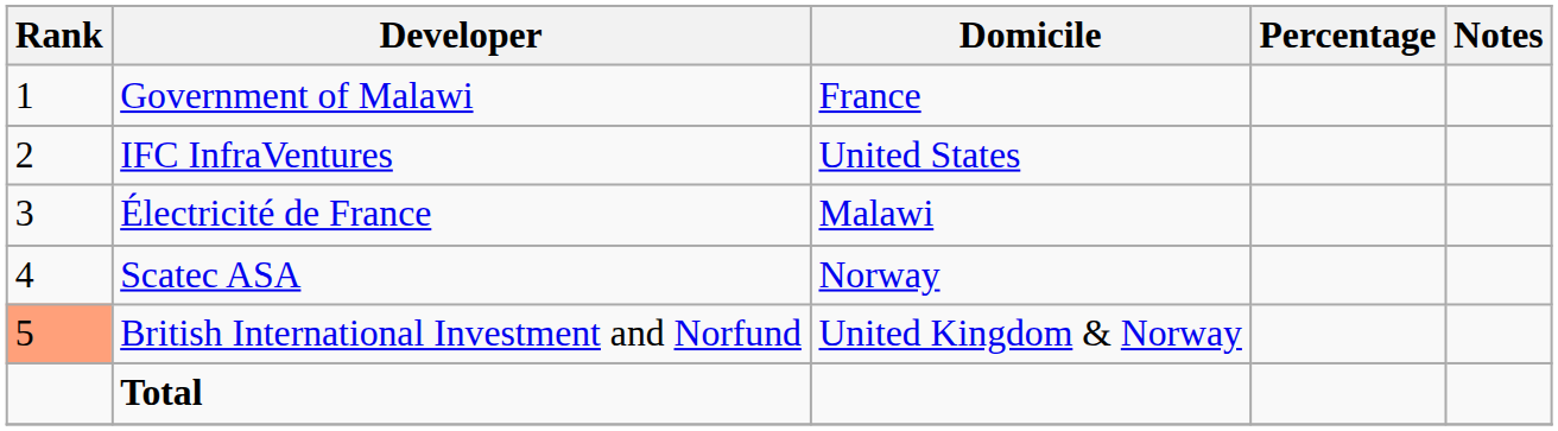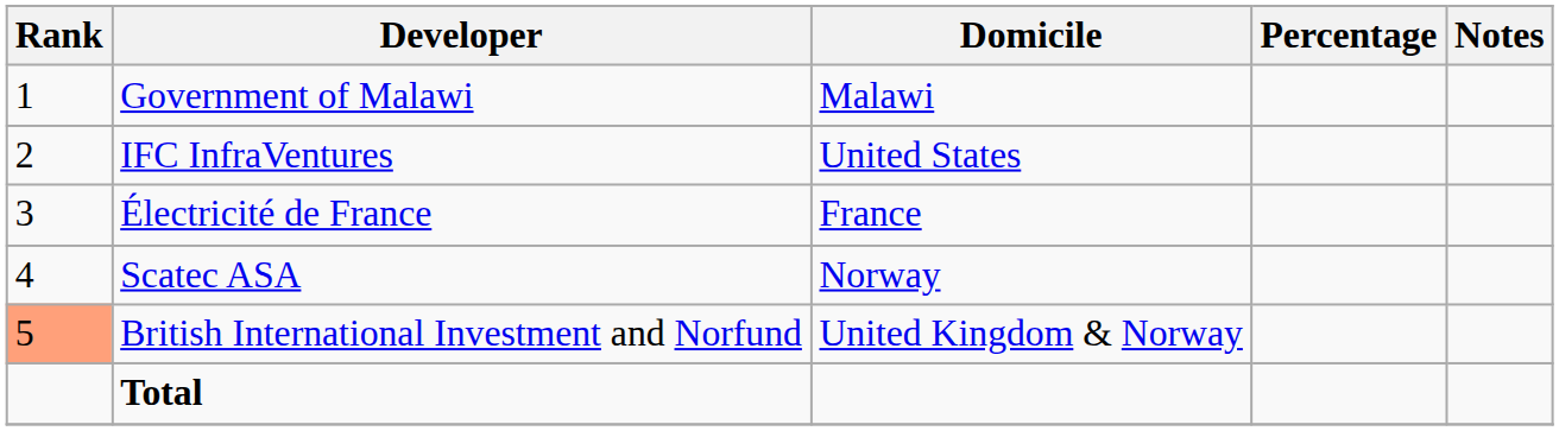 <table class="wikitable sortable" style="margin: 0.5em auto">
 <tr>
 <th>Rank</th>
 <th>Developer</th>
 <th>Domicile</th>
 <th>Percentage</th>
 <th>Notes</th>
 </tr>
 <tr>
 <td>1</td>
 <td><a href='#'>Government of Malawi</a></td>
-<td><a href='#'>France</a></td>
+<td><a href='#'>Malawi</a></td>
 <td></td>
 <td></td>
 </tr>
 <tr>
 <td>2</td>
 <td><a href='#'>IFC InfraVentures</a></td>
 <td><a href='#'>United States</a></td>
 <td></td>
 <td></td>
 </tr>
 <tr>
 <td>3</td>
 <td><a href='#'>Électricité de France</a></td>
-<td><a href='#'>Malawi</a></td>
+<td><a href='#'>France</a></td>
 <td></td>
 <td></td>
 </tr>
 <tr>
 <td>4</td>
 <td><a href='#'>Scatec ASA</a></td>
 <td><a href='#'>Norway</a></td>
 <td></td>
 <td></td>
 </tr>
 <tr>
 <td style="background: lightsalmon;">5</td>
 <td><a href='#'>British International Investment</a> and <a href='#'>Norfund</a></td>
 <td><a href='#'>United Kingdom</a> & <a href='#'>Norway</a></td>
 <td></td>
 <td></td>
 </tr>
 <tr>
 <td></td>
 <td><strong>Total</strong></td>
 <td></td>
 <td></td>
 <td></td>
 </tr>
 <tr>
 </tr>
 </table>
